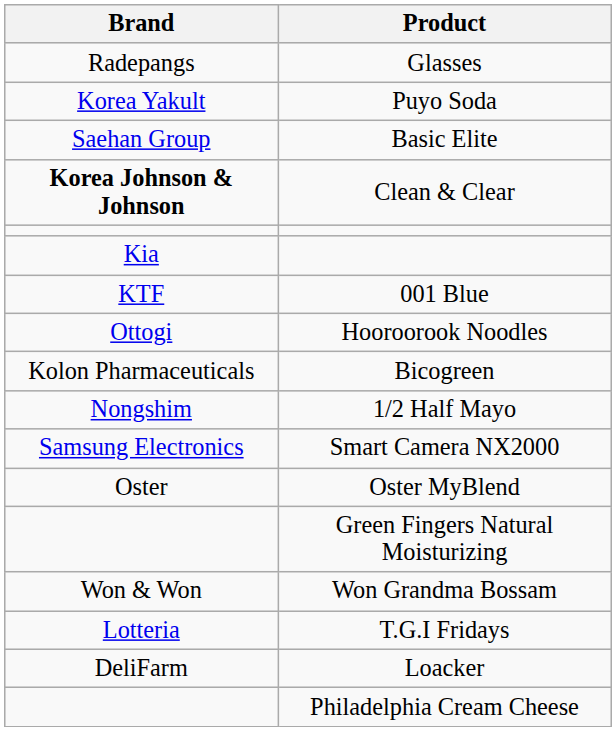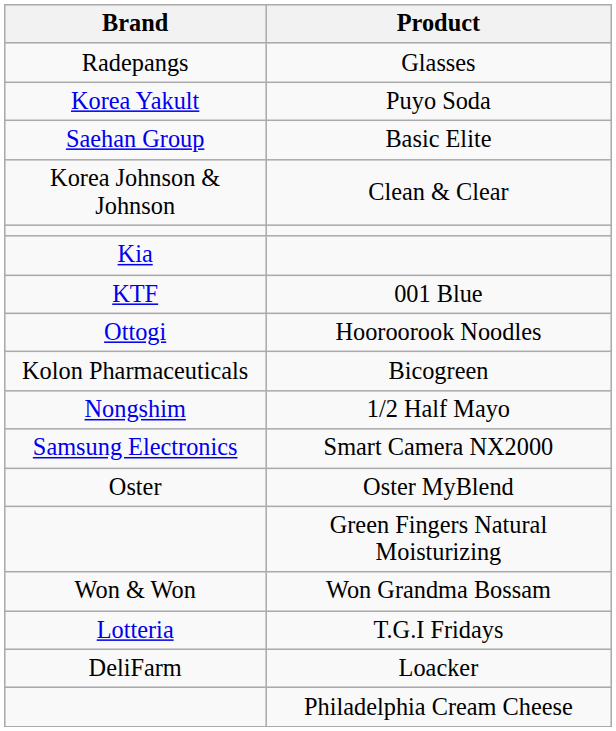 <table class="wikitable" style="text-align:center; width:400px;">
 <tr>
 <th>Brand</th>
 <th>Product</th>
 </tr>
 <tr>
 <td>Radepangs</td>
 <td>Glasses</td>
 </tr>
 <tr>
 <td><a href='#'>Korea Yakult</a></td>
 <td>Puyo Soda</td>
 </tr>
 <tr>
 <td><a href='#'>Saehan Group</a></td>
 <td>Basic Elite</td>
 </tr>
 <tr>
-<td><strong>Korea Johnson & Johnson</strong></td>
+<td>Korea Johnson & Johnson</td>
 <td>Clean & Clear</td>
 </tr>
 <tr>
 <td></td>
 <td></td>
 </tr>
 <tr>
 <td><a href='#'>Kia</a></td>
 <td></td>
 </tr>
 <tr>
 <td><a href='#'>KTF</a></td>
 <td>001 Blue</td>
 </tr>
 <tr>
 <td><a href='#'>Ottogi</a></td>
 <td>Hooroorook Noodles</td>
 </tr>
 <tr>
 <td>Kolon Pharmaceuticals</td>
 <td>Bicogreen</td>
 </tr>
 <tr>
 <td><a href='#'>Nongshim</a></td>
 <td>1/2 Half Mayo</td>
 </tr>
 <tr>
 <td><a href='#'>Samsung Electronics</a></td>
 <td>Smart Camera NX2000</td>
 </tr>
 <tr>
 <td>Oster</td>
 <td>Oster MyBlend</td>
 </tr>
 <tr>
 <td></td>
 <td>Green Fingers Natural Moisturizing</td>
 </tr>
 <tr>
 <td>Won & Won</td>
 <td>Won Grandma Bossam</td>
 </tr>
 <tr>
 <td><a href='#'>Lotteria</a></td>
 <td>T.G.I Fridays</td>
 </tr>
 <tr>
 <td>DeliFarm</td>
 <td>Loacker</td>
 </tr>
 <tr>
 <td></td>
 <td>Philadelphia Cream Cheese</td>
 </tr>
 </table>
